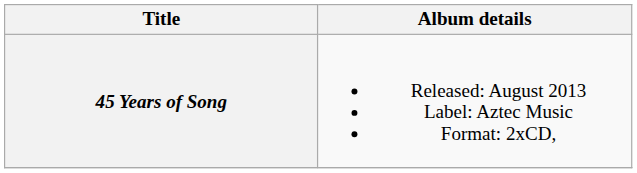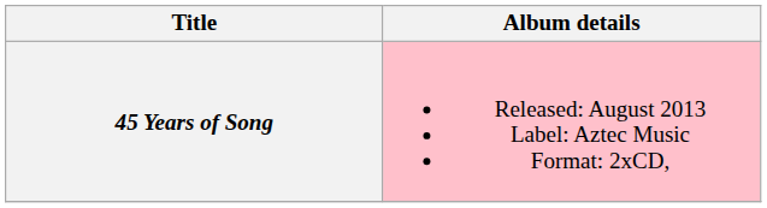 <table class="wikitable plainrowheaders" style="text-align:center;" border="1">
 <tr>
 <th scope="col" rowspan="1" style="width:16em;">Title</th>
 <th scope="col" rowspan="1" style="width:16em;">Album details</th>
 </tr>
 <tr>
 <th scope="row"><em>45 Years of Song</em></th>
-<td><br><ul><li>Released: August 2013</li><li>Label: Aztec Music</li><li>Format: 2xCD,</li></ul></td>
+<td style="background: pink;"><br><ul><li>Released: August 2013</li><li>Label: Aztec Music</li><li>Format: 2xCD,</li></ul></td>
 </tr>
 <tr>
 </tr>
 </table>
